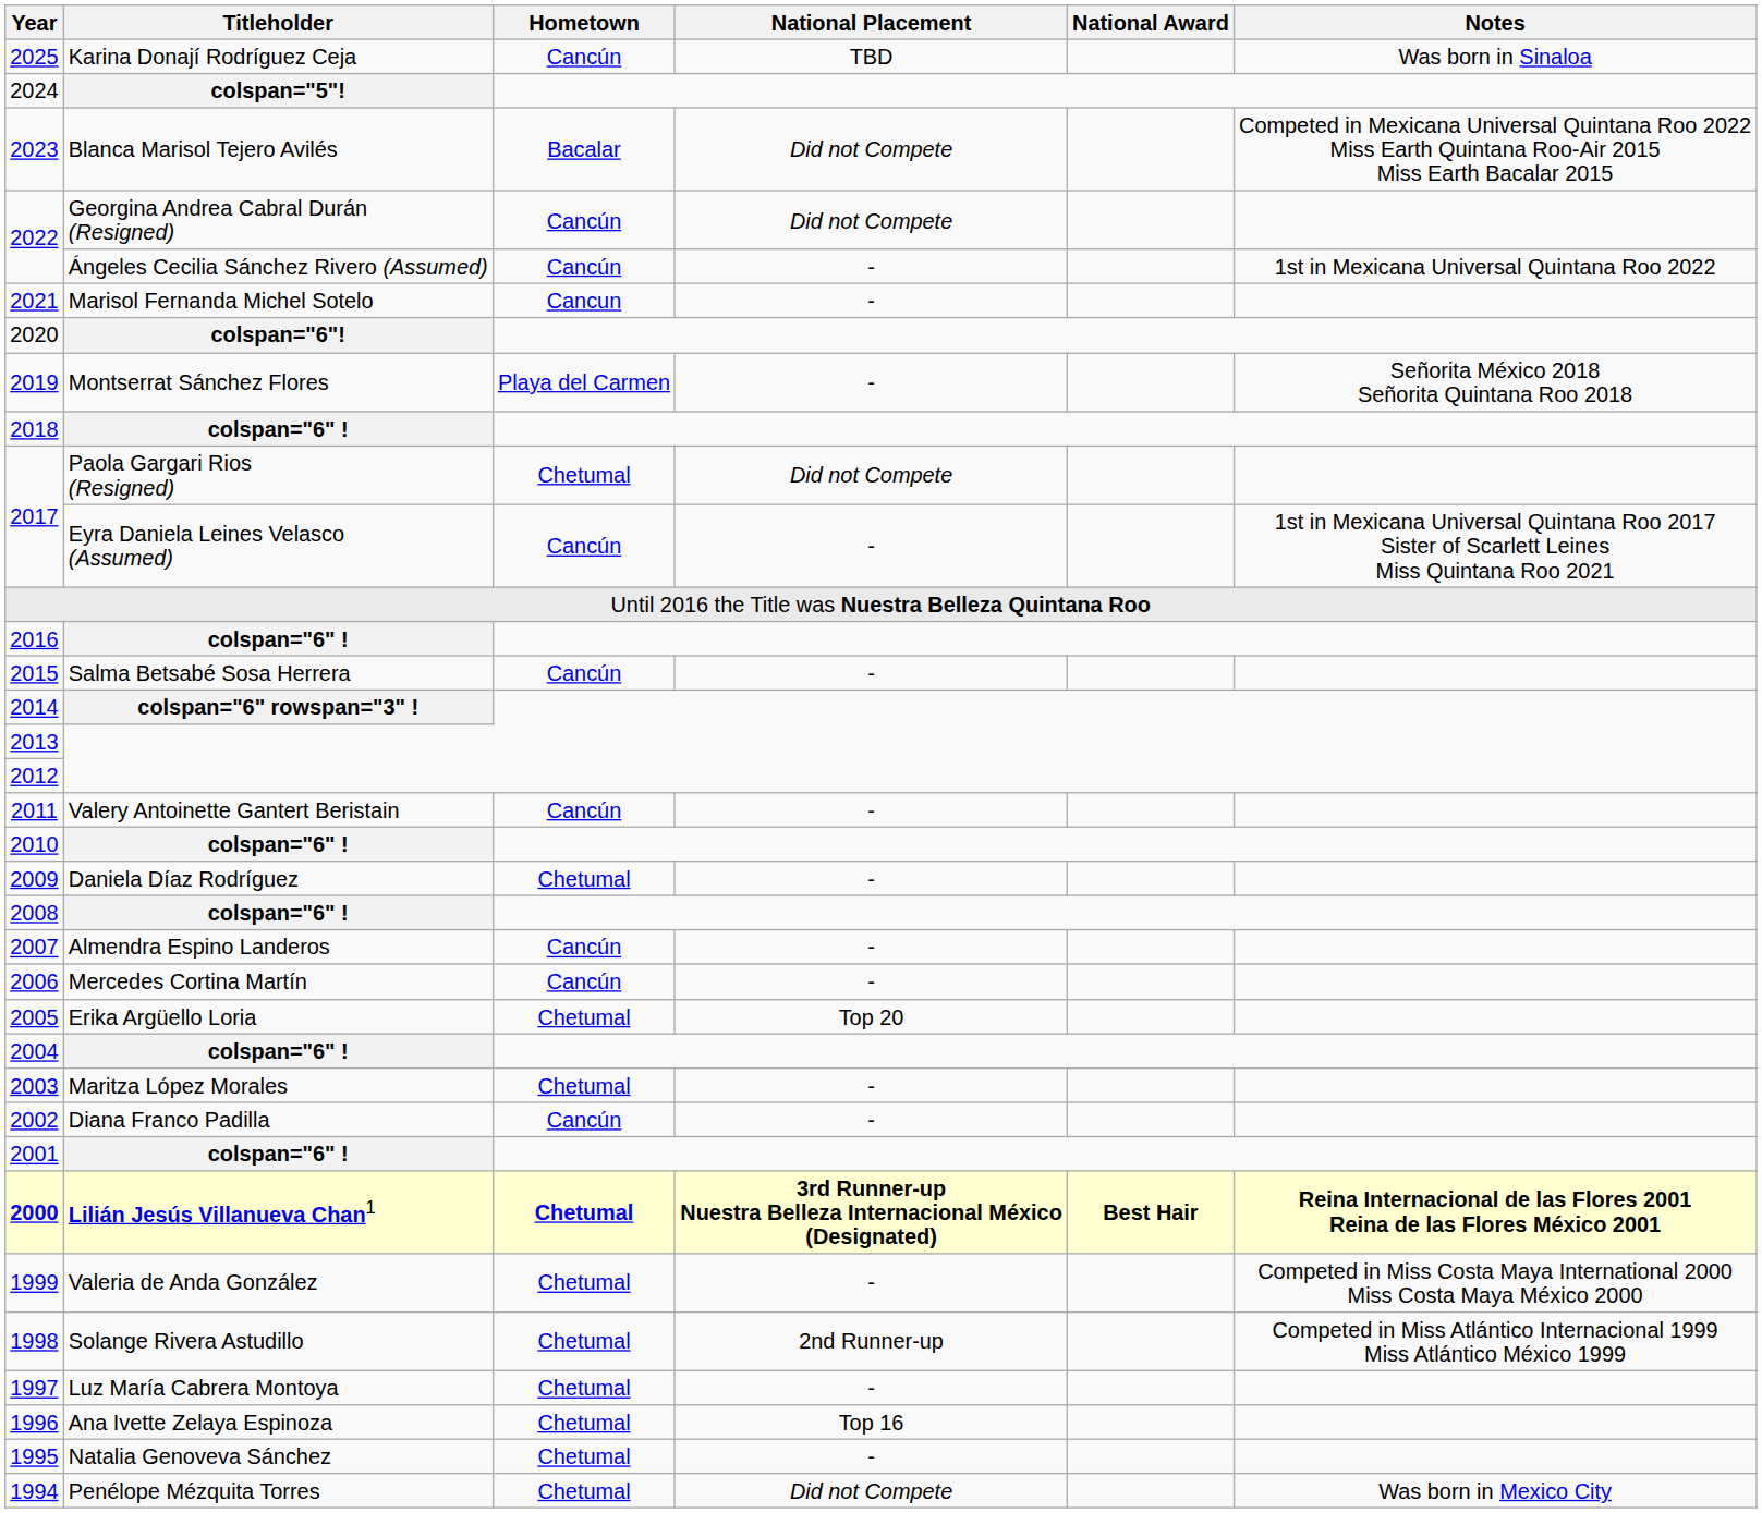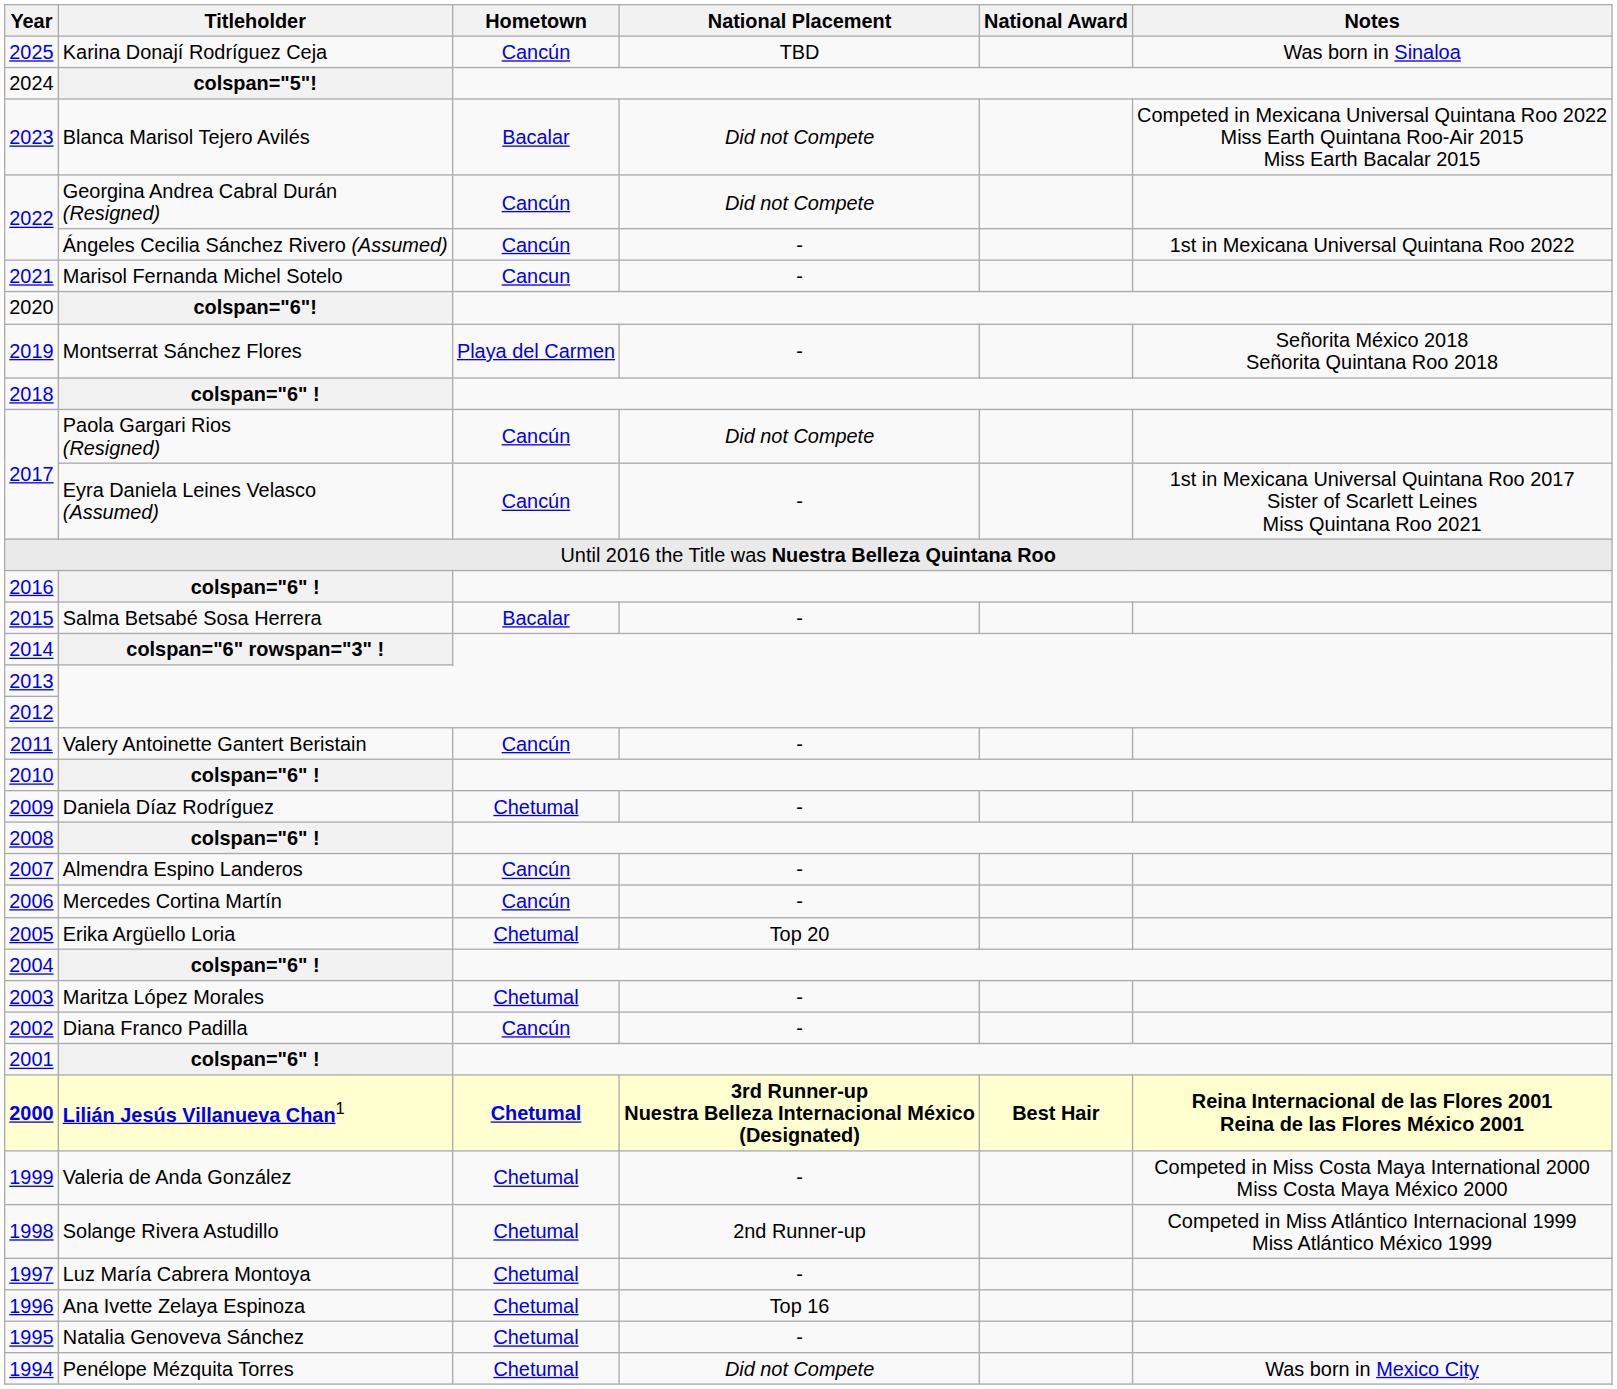 <table class="wikitable sortable" style="font-size:95%;">
 <tr>
 <th>Year</th>
 <th>Titleholder</th>
 <th>Hometown</th>
 <th>National Placement</th>
 <th>National Award</th>
 <th>Notes</th>
 </tr>
 <tr>
 <td align="center"><a href='#'>2025</a></td>
 <td>Karina Donají Rodríguez Ceja</td>
 <td align="center"><a href='#'>Cancún</a></td>
 <td align="center">TBD</td>
 <td align="center"></td>
 <td align="center">Was born in <a href='#'>Sinaloa</a></td>
 </tr>
 <tr>
 <td align="center">2024</td>
 <th>colspan="5"!</th>
 </tr>
 <tr>
 <td align="center"><a href='#'>2023</a></td>
 <td>Blanca Marisol Tejero Avilés</td>
 <td align="center"><a href='#'>Bacalar</a></td>
 <td align="center"><em>Did not Compete</em></td>
 <td align="center"></td>
 <td align="center">Competed in Mexicana Universal Quintana Roo 2022<br>Miss Earth Quintana Roo-Air 2015<br>Miss Earth Bacalar 2015</td>
 </tr>
 <tr>
 <td rowspan=2 align="center"><a href='#'>2022</a></td>
 <td>Georgina Andrea Cabral Durán<br><em>(Resigned)</em></td>
 <td align="center"><a href='#'>Cancún</a></td>
 <td align="center"><em>Did not Compete</em></td>
 <td align="center"></td>
 <td align="center"></td>
 </tr>
 <tr>
 <td>Ángeles Cecilia Sánchez Rivero <em>(Assumed)</em></td>
 <td align="center"><a href='#'>Cancún</a></td>
 <td align="center">-</td>
 <td align="center"></td>
 <td align="center">1st in Mexicana Universal Quintana Roo 2022</td>
 </tr>
 <tr>
 <td align="center"><a href='#'>2021</a></td>
 <td>Marisol Fernanda Michel Sotelo</td>
 <td align="center"><a href='#'>Cancun</a></td>
 <td align="center">-</td>
 <td align="center"></td>
 <td align="center"></td>
 </tr>
 <tr>
 <td align="center">2020</td>
 <th>colspan="6"!</th>
 </tr>
 <tr>
 <td align="center"><a href='#'>2019</a></td>
 <td>Montserrat Sánchez Flores</td>
 <td align="center"><a href='#'>Playa del Carmen</a></td>
 <td align="center">-</td>
 <td align="center"></td>
 <td align="center">Señorita México 2018<br>Señorita Quintana Roo 2018</td>
 </tr>
 <tr>
 <td align="center"><a href='#'>2018</a></td>
 <th>colspan="6" !</th>
 </tr>
 <tr>
 <td rowspan=2 align="center"><a href='#'>2017</a></td>
 <td>Paola Gargari Rios<br><em>(Resigned)</em></td>
-<td align="center"><a href='#'>Chetumal</a></td>
+<td align="center"><a href='#'>Cancún</a></td>
 <td align="center"><em>Did not Compete</em></td>
 <td align="center"></td>
 <td align="center"></td>
 </tr>
 <tr>
 <td>Eyra Daniela Leines Velasco<br><em>(Assumed)</em></td>
 <td align="center"><a href='#'>Cancún</a></td>
 <td align="center">-</td>
 <td align="center"></td>
 <td align="center">1st in Mexicana Universal Quintana Roo 2017<br>Sister of Scarlett Leines<br>Miss Quintana Roo 2021</td>
 </tr>
 <tr>
 <td colspan="7" bgcolor="#EAEAEA" style="text-align:center;">Until 2016 the Title was <strong>Nuestra Belleza Quintana Roo</strong></td>
 </tr>
 <tr>
 <td align="center"><a href='#'>2016</a></td>
 <th>colspan="6" !</th>
 </tr>
 <tr>
 <td align="center"><a href='#'>2015</a></td>
 <td>Salma Betsabé Sosa Herrera</td>
-<td align="center"><a href='#'>Cancún</a></td>
+<td align="center"><a href='#'>Bacalar</a></td>
 <td align="center">-</td>
 <td align="center"></td>
 <td></td>
 </tr>
 <tr>
 <td align="center"><a href='#'>2014</a></td>
 <th>colspan="6" rowspan="3" !</th>
 </tr>
 <tr>
 <td align="center"><a href='#'>2013</a></td>
 </tr>
 <tr>
 <td align="center"><a href='#'>2012</a></td>
 </tr>
 <tr>
 <td align="center"><a href='#'>2011</a></td>
 <td>Valery Antoinette Gantert Beristain</td>
 <td align="center"><a href='#'>Cancún</a></td>
 <td align="center">-</td>
 <td align="center"></td>
 <td align="center"></td>
 </tr>
 <tr>
 <td align="center"><a href='#'>2010</a></td>
 <th>colspan="6" !</th>
 </tr>
 <tr>
 <td align="center"><a href='#'>2009</a></td>
 <td>Daniela Díaz Rodríguez</td>
 <td align="center"><a href='#'>Chetumal</a></td>
 <td align="center">-</td>
 <td align="center"></td>
 <td align="center"></td>
 </tr>
 <tr>
 <td align="center"><a href='#'>2008</a></td>
 <th>colspan="6" !</th>
 </tr>
 <tr>
 <td align="center"><a href='#'>2007</a></td>
 <td>Almendra Espino Landeros</td>
 <td align="center"><a href='#'>Cancún</a></td>
 <td align="center">-</td>
 <td align="center"></td>
 <td align="center"></td>
 </tr>
 <tr>
 <td align="center"><a href='#'>2006</a></td>
 <td>Mercedes Cortina Martín</td>
 <td align="center"><a href='#'>Cancún</a></td>
 <td align="center">-</td>
 <td align="center"></td>
 <td align="center"></td>
 </tr>
 <tr>
 <td align="center"><a href='#'>2005</a></td>
 <td>Erika Argüello Loria</td>
 <td align="center"><a href='#'>Chetumal</a></td>
 <td align="center">Top 20</td>
 <td align="center"></td>
 <td align="center"></td>
 </tr>
 <tr>
 <td align="center"><a href='#'>2004</a></td>
 <th>colspan="6" !</th>
 </tr>
 <tr>
 <td align="center"><a href='#'>2003</a></td>
 <td>Maritza López Morales</td>
 <td align="center"><a href='#'>Chetumal</a></td>
 <td align="center">-</td>
 <td align="center"></td>
 <td align="center"></td>
 </tr>
 <tr>
 <td align="center"><a href='#'>2002</a></td>
 <td>Diana Franco Padilla</td>
 <td align="center"><a href='#'>Cancún</a></td>
 <td align="center">-</td>
 <td align="center"></td>
 <td align="center"></td>
 </tr>
 <tr>
 <td align="center"><a href='#'>2001</a></td>
 <th>colspan="6" !</th>
 </tr>
 <tr bgcolor="#FFFFCF">
 <td align="center"><strong><a href='#'>2000</a></strong></td>
 <td><strong><a href='#'>Lilián Jesús Villanueva Chan</a></strong><sup>1</sup></td>
 <td align="center"><strong><a href='#'>Chetumal</a></strong></td>
 <td align="center"><strong>3rd Runner-up<br>Nuestra Belleza Internacional México<br>(Designated)</strong></td>
 <td align="center"><strong>Best Hair</strong></td>
 <td align="center"><strong>Reina Internacional de las Flores 2001<br>Reina de las Flores México 2001</strong></td>
 </tr>
 <tr>
 <td align="center"><a href='#'>1999</a></td>
 <td>Valeria de Anda González</td>
 <td align="center"><a href='#'>Chetumal</a></td>
 <td align="center">-</td>
 <td align="center"></td>
 <td align="center">Competed in Miss Costa Maya International 2000<br>Miss Costa Maya México 2000</td>
 </tr>
 <tr>
 <td align="center"><a href='#'>1998</a></td>
 <td>Solange Rivera Astudillo</td>
 <td align="center"><a href='#'>Chetumal</a></td>
 <td align="center">2nd Runner-up</td>
 <td align="center"></td>
 <td align="center">Competed in Miss Atlántico Internacional 1999<br>Miss Atlántico México 1999</td>
 </tr>
 <tr>
 <td align="center"><a href='#'>1997</a></td>
 <td>Luz María Cabrera Montoya</td>
 <td align="center"><a href='#'>Chetumal</a></td>
 <td align="center">-</td>
 <td align="center"></td>
 <td align="center"></td>
 </tr>
 <tr>
 <td align="center"><a href='#'>1996</a></td>
 <td>Ana Ivette Zelaya Espinoza</td>
 <td align="center"><a href='#'>Chetumal</a></td>
 <td align="center">Top 16</td>
 <td align="center"></td>
 <td align="center"></td>
 </tr>
 <tr>
 <td align="center"><a href='#'>1995</a></td>
 <td>Natalia Genoveva Sánchez</td>
 <td align="center"><a href='#'>Chetumal</a></td>
 <td align="center">-</td>
 <td align="center"></td>
 <td align="center"></td>
 </tr>
 <tr>
 <td align="center"><a href='#'>1994</a></td>
 <td>Penélope Mézquita Torres</td>
 <td align="center"><a href='#'>Chetumal</a></td>
 <td align="center"><em>Did not Compete</em></td>
 <td align="center"></td>
 <td align="center">Was born in <a href='#'>Mexico City</a></td>
 </tr>
 </table>
